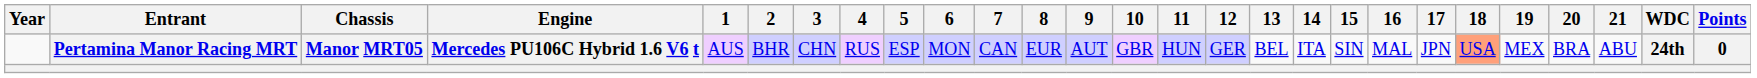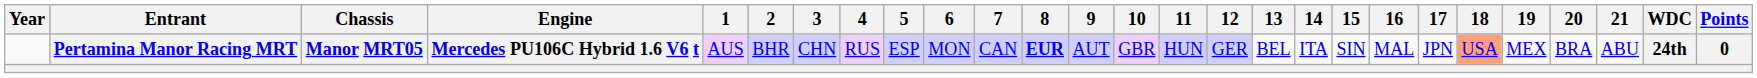 <table class="wikitable" style="text-align:center; font-size:85%">
 <tr>
 <th>Year</th>
 <th>Entrant</th>
 <th>Chassis</th>
 <th>Engine</th>
 <th>1</th>
 <th>2</th>
 <th>3</th>
 <th>4</th>
 <th>5</th>
 <th>6</th>
 <th>7</th>
 <th>8</th>
 <th>9</th>
 <th>10</th>
 <th>11</th>
 <th>12</th>
 <th>13</th>
 <th>14</th>
 <th>15</th>
 <th>16</th>
 <th>17</th>
 <th>18</th>
 <th>19</th>
 <th>20</th>
 <th>21</th>
 <th>WDC</th>
 <th><a href='#'>Points</a></th>
 </tr>
 <tr>
 <td></td>
 <th nowrap><a href='#'>Pertamina Manor Racing MRT</a></th>
 <th nowrap><a href='#'>Manor</a> <a href='#'>MRT05</a></th>
 <th nowrap><a href='#'>Mercedes</a> PU106C Hybrid 1.6 <a href='#'>V6</a> <a href='#'>t</a></th>
 <td style="background:#EFCFFF;"><a href='#'>AUS</a><br></td>
 <td style="background:#CFCFFF;"><a href='#'>BHR</a><br></td>
 <td style="background:#CFCFFF;"><a href='#'>CHN</a><br></td>
 <td style="background:#EFCFFF;"><a href='#'>RUS</a><br></td>
 <td style="background:#CFCFFF;"><a href='#'>ESP</a><br></td>
 <td style="background:#CFCFFF;"><a href='#'>MON</a><br></td>
 <td style="background:#CFCFFF;"><a href='#'>CAN</a><br></td>
-<td style="background:#CFCFFF;"><a href='#'>EUR</a><br></td>
+<td style="background:#CFCFFF;"><strong><a href='#'>EUR</a><br></strong></td>
 <td style="background:#CFCFFF;"><a href='#'>AUT</a><br></td>
 <td style="background:#EFCFFF;"><a href='#'>GBR</a><br></td>
 <td style="background:#CFCFFF;"><a href='#'>HUN</a><br></td>
 <td style="background:#CFCFFF;"><a href='#'>GER</a><br></td>
 <td><a href='#'>BEL</a></td>
 <td><a href='#'>ITA</a></td>
 <td><a href='#'>SIN</a></td>
 <td><a href='#'>MAL</a></td>
 <td><a href='#'>JPN</a></td>
 <td style="background: lightsalmon;"><a href='#'>USA</a></td>
 <td><a href='#'>MEX</a></td>
 <td><a href='#'>BRA</a></td>
 <td><a href='#'>ABU</a></td>
 <th>24th</th>
 <th>0</th>
 </tr>
 <tr>
 <th colspan="27"></th>
 </tr>
 </table>
